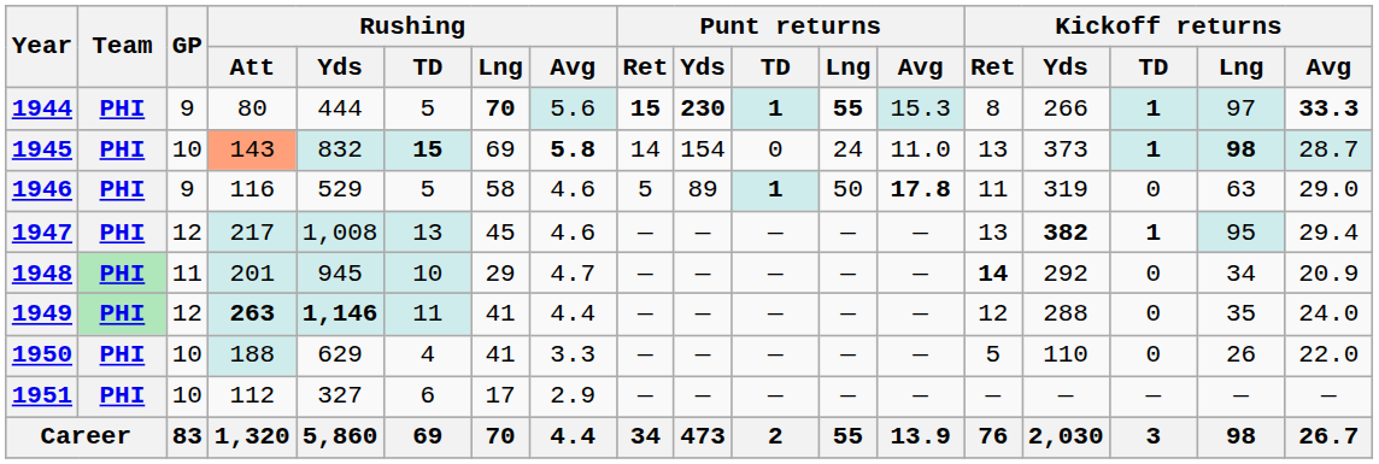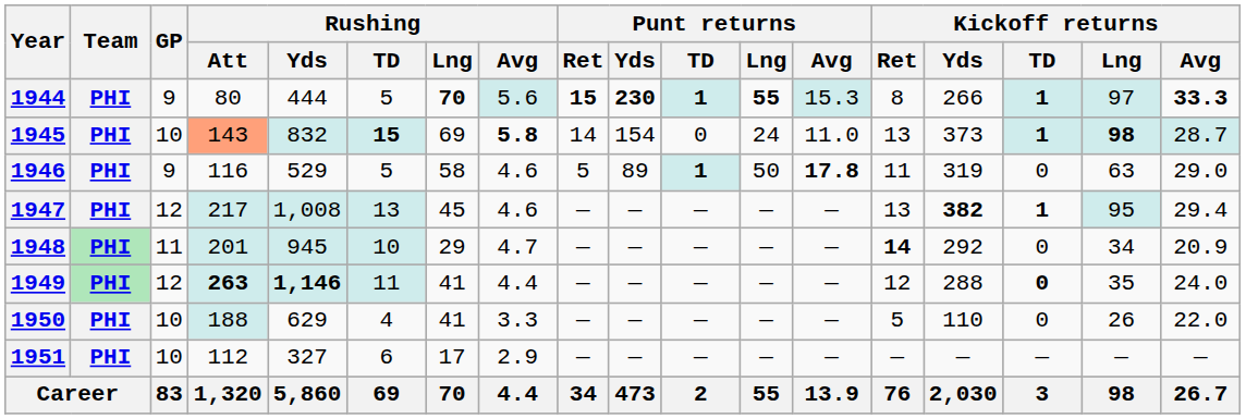 <table class="wikitable" style="text-align:center;">
 <tr>
 <th rowspan=2>Year</th>
 <th rowspan=2>Team</th>
 <th rowspan=2>GP</th>
 <th colspan=5>Rushing</th>
 <th colspan=5>Punt returns</th>
 <th colspan=5>Kickoff returns</th>
 </tr>
 <tr>
 <th>Att</th>
 <th>Yds</th>
 <th>TD</th>
 <th>Lng</th>
 <th>Avg</th>
 <th>Ret</th>
 <th>Yds</th>
 <th>TD</th>
 <th>Lng</th>
 <th>Avg</th>
 <th>Ret</th>
 <th>Yds</th>
 <th>TD</th>
 <th>Lng</th>
 <th>Avg</th>
 </tr>
 <tr>
 <th><a href='#'>1944</a></th>
 <th><a href='#'>PHI</a></th>
 <td>9</td>
 <td>80</td>
 <td>444</td>
 <td>5</td>
 <td><strong>70</strong></td>
 <td style="background:#cfecec; width:3em;">5.6</td>
 <td><strong>15</strong></td>
 <td><strong>230</strong></td>
 <td style="background:#cfecec; width:3em;"><strong>1</strong></td>
 <td><strong>55</strong></td>
 <td style="background:#cfecec; width:3em;">15.3</td>
 <td>8</td>
 <td>266</td>
 <td style="background:#cfecec; width:3em;"><strong>1</strong></td>
 <td style="background:#cfecec; width:3em;">97</td>
 <td><strong>33.3</strong></td>
 </tr>
 <tr>
 <th><a href='#'>1945</a></th>
 <th><a href='#'>PHI</a></th>
 <td>10</td>
 <td style="background: lightsalmon;">143</td>
 <td style="background:#cfecec; width:3em;">832</td>
 <td style="background:#cfecec; width:3em;"><strong>15</strong></td>
 <td>69</td>
 <td><strong>5.8</strong></td>
 <td>14</td>
 <td>154</td>
 <td>0</td>
 <td>24</td>
 <td>11.0</td>
 <td>13</td>
 <td>373</td>
 <td style="background:#cfecec; width:3em;"><strong>1</strong></td>
 <td style="background:#cfecec; width:3em;"><strong>98</strong></td>
 <td style="background:#cfecec; width:3em;">28.7</td>
 </tr>
 <tr>
 <th><a href='#'>1946</a></th>
 <th><a href='#'>PHI</a></th>
 <td>9</td>
 <td>116</td>
 <td>529</td>
 <td>5</td>
 <td>58</td>
 <td>4.6</td>
 <td>5</td>
 <td>89</td>
 <td style="background:#cfecec; width:3em;"><strong>1</strong></td>
 <td>50</td>
 <td><strong>17.8</strong></td>
 <td>11</td>
 <td>319</td>
 <td>0</td>
 <td>63</td>
 <td>29.0</td>
 </tr>
 <tr>
 <th><a href='#'>1947</a></th>
 <th><a href='#'>PHI</a></th>
 <td>12</td>
 <td style="background:#cfecec; width:3em;">217</td>
 <td style="background:#cfecec; width:3em;">1,008</td>
 <td style="background:#cfecec; width:3em;">13</td>
 <td>45</td>
 <td>4.6</td>
 <td>—</td>
 <td>—</td>
 <td>—</td>
 <td>—</td>
 <td>—</td>
 <td>13</td>
 <td><strong>382</strong></td>
 <td><strong>1</strong></td>
 <td style="background:#cfecec; width:3em;">95</td>
 <td>29.4</td>
 </tr>
 <tr>
 <th><a href='#'>1948</a></th>
 <th style="background:#afe6ba; width:3em;"><a href='#'>PHI</a></th>
 <td>11</td>
 <td style="background:#cfecec; width:3em;">201</td>
 <td style="background:#cfecec; width:3em;">945</td>
 <td style="background:#cfecec; width:3em;">10</td>
 <td>29</td>
 <td>4.7</td>
 <td>—</td>
 <td>—</td>
 <td>—</td>
 <td>—</td>
 <td>—</td>
 <td><strong>14</strong></td>
 <td>292</td>
 <td>0</td>
 <td>34</td>
 <td>20.9</td>
 </tr>
 <tr>
 <th><a href='#'>1949</a></th>
 <th style="background:#afe6ba; width:3em;"><a href='#'>PHI</a></th>
 <td>12</td>
 <td style="background:#cfecec; width:3em;"><strong>263</strong></td>
 <td style="background:#cfecec; width:3em;"><strong>1,146</strong></td>
 <td style="background:#cfecec; width:3em;">11</td>
 <td>41</td>
 <td>4.4</td>
 <td>—</td>
 <td>—</td>
 <td>—</td>
 <td>—</td>
 <td>—</td>
 <td>12</td>
 <td>288</td>
-<td>0</td>
+<td><strong>0</strong></td>
 <td>35</td>
 <td>24.0</td>
 </tr>
 <tr>
 <th><a href='#'>1950</a></th>
 <th><a href='#'>PHI</a></th>
 <td>10</td>
 <td style="background:#cfecec; width:3em;">188</td>
 <td>629</td>
 <td>4</td>
 <td>41</td>
 <td>3.3</td>
 <td>—</td>
 <td>—</td>
 <td>—</td>
 <td>—</td>
 <td>—</td>
 <td>5</td>
 <td>110</td>
 <td>0</td>
 <td>26</td>
 <td>22.0</td>
 </tr>
 <tr>
 <th><a href='#'>1951</a></th>
 <th><a href='#'>PHI</a></th>
 <td>10</td>
 <td>112</td>
 <td>327</td>
 <td>6</td>
 <td>17</td>
 <td>2.9</td>
 <td>—</td>
 <td>—</td>
 <td>—</td>
 <td>—</td>
 <td>—</td>
 <td>—</td>
 <td>—</td>
 <td>—</td>
 <td>—</td>
 <td>—</td>
 </tr>
 <tr>
 <th colspan="2">Career</th>
 <th>83</th>
 <th>1,320</th>
 <th>5,860</th>
 <th>69</th>
 <th>70</th>
 <th>4.4</th>
 <th>34</th>
 <th>473</th>
 <th>2</th>
 <th>55</th>
 <th>13.9</th>
 <th>76</th>
 <th>2,030</th>
 <th>3</th>
 <th>98</th>
 <th>26.7</th>
 </tr>
 </table>
